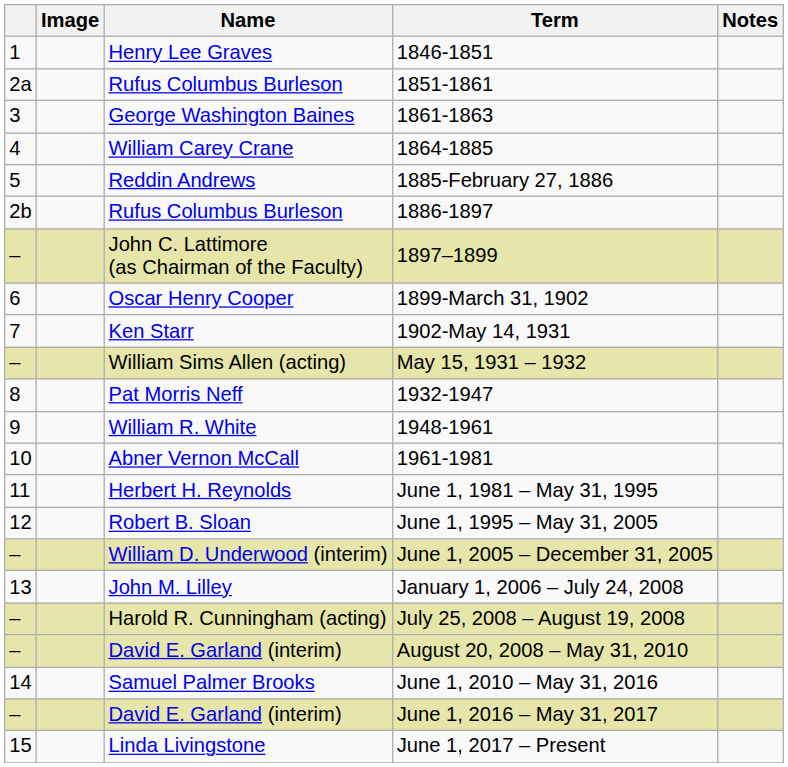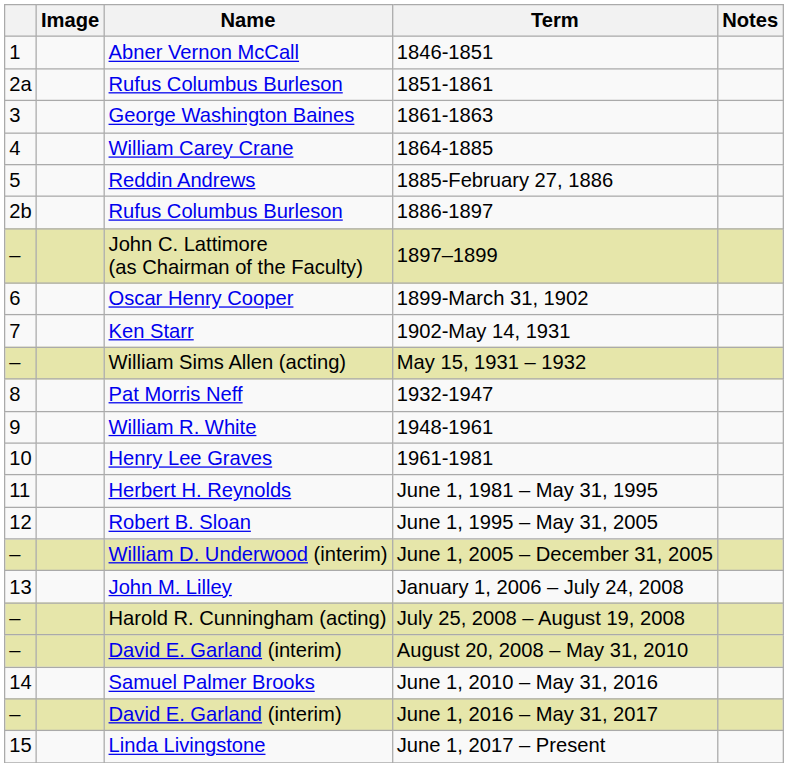 <table class="wikitable">
 <tr>
 <th></th>
 <th>Image</th>
 <th>Name</th>
 <th>Term</th>
 <th>Notes</th>
 </tr>
 <tr>
 <td>1</td>
 <td></td>
-<td><a href='#'>Henry Lee Graves</a></td>
+<td><a href='#'>Abner Vernon McCall</a></td>
 <td>1846-1851</td>
 <td></td>
 </tr>
 <tr>
 <td>2a</td>
 <td></td>
 <td><a href='#'>Rufus Columbus Burleson</a></td>
 <td>1851-1861</td>
 <td></td>
 </tr>
 <tr>
 <td>3</td>
 <td></td>
 <td><a href='#'>George Washington Baines</a></td>
 <td>1861-1863</td>
 <td></td>
 </tr>
 <tr>
 <td>4</td>
 <td></td>
 <td><a href='#'>William Carey Crane</a></td>
 <td>1864-1885</td>
 <td></td>
 </tr>
 <tr>
 <td>5</td>
 <td></td>
 <td><a href='#'>Reddin Andrews</a></td>
 <td>1885-February 27, 1886</td>
 <td></td>
 </tr>
 <tr>
 <td>2b</td>
 <td></td>
 <td><a href='#'>Rufus Columbus Burleson</a></td>
 <td>1886-1897</td>
 <td></td>
 </tr>
 <tr bgcolor="#e6e6aa">
 <td>–</td>
 <td></td>
 <td>John C. Lattimore<br>(as Chairman of the Faculty)</td>
 <td>1897–1899</td>
 <td></td>
 </tr>
 <tr>
 <td>6</td>
 <td></td>
 <td><a href='#'>Oscar Henry Cooper</a></td>
 <td>1899-March 31, 1902</td>
 <td></td>
 </tr>
 <tr>
 <td>7</td>
 <td></td>
 <td><a href='#'>Ken Starr</a></td>
 <td>1902-May 14, 1931</td>
 <td></td>
 </tr>
 <tr bgcolor="#e6e6aa">
 <td>–</td>
 <td></td>
 <td>William Sims Allen (acting)</td>
 <td>May 15, 1931 – 1932</td>
 <td></td>
 </tr>
 <tr>
 <td>8</td>
 <td></td>
 <td><a href='#'>Pat Morris Neff</a></td>
 <td>1932-1947</td>
 <td></td>
 </tr>
 <tr>
 <td>9</td>
 <td></td>
 <td><a href='#'>William R. White</a></td>
 <td>1948-1961</td>
 <td></td>
 </tr>
 <tr>
 <td>10</td>
 <td></td>
-<td><a href='#'>Abner Vernon McCall</a></td>
+<td><a href='#'>Henry Lee Graves</a></td>
 <td>1961-1981</td>
 <td></td>
 </tr>
 <tr>
 <td>11</td>
 <td></td>
 <td><a href='#'>Herbert H. Reynolds</a></td>
 <td>June 1, 1981 – May 31, 1995</td>
 <td></td>
 </tr>
 <tr>
 <td>12</td>
 <td></td>
 <td><a href='#'>Robert B. Sloan</a></td>
 <td>June 1, 1995 – May 31, 2005</td>
 <td></td>
 </tr>
 <tr bgcolor="#e6e6aa">
 <td>–</td>
 <td></td>
 <td><a href='#'>William D. Underwood</a> (interim)</td>
 <td>June 1, 2005 – December 31, 2005</td>
 <td></td>
 </tr>
 <tr>
 <td>13</td>
 <td></td>
 <td><a href='#'>John M. Lilley</a></td>
 <td>January 1, 2006 – July 24, 2008</td>
 <td></td>
 </tr>
 <tr bgcolor="#e6e6aa">
 <td>–</td>
 <td></td>
 <td>Harold R. Cunningham (acting)</td>
 <td>July 25, 2008 – August 19, 2008</td>
 <td></td>
 </tr>
 <tr bgcolor="#e6e6aa">
 <td>–</td>
 <td></td>
 <td><a href='#'>David E. Garland</a> (interim)</td>
 <td>August 20, 2008 – May 31, 2010</td>
 <td></td>
 </tr>
 <tr>
 <td>14</td>
 <td></td>
 <td><a href='#'>Samuel Palmer Brooks</a></td>
 <td>June 1, 2010 – May 31, 2016</td>
 <td></td>
 </tr>
 <tr bgcolor="#e6e6aa">
 <td>–</td>
 <td></td>
 <td><a href='#'>David E. Garland</a> (interim)</td>
 <td>June 1, 2016 – May 31, 2017</td>
 <td></td>
 </tr>
 <tr>
 <td>15</td>
 <td></td>
 <td><a href='#'>Linda Livingstone</a></td>
 <td>June 1, 2017 – Present</td>
 <td></td>
 </tr>
 <tr>
 </tr>
 </table>
